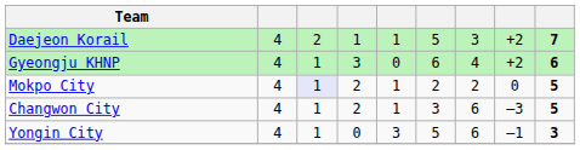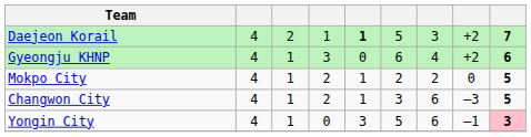 <table class="wikitable" style="text-align:center;">
 <tr>
 <th width=225>Team</th>
 <th width=30></th>
 <th width=30></th>
 <th width=30></th>
 <th width=30></th>
 <th width=30></th>
 <th width=30></th>
 <th width=30></th>
 <th width=30></th>
 </tr>
 <tr bgcolor=#bbf3bb>
 <td align=left><a href='#'>Daejeon Korail</a></td>
 <td>4</td>
 <td>2</td>
 <td>1</td>
-<td>1</td>
+<td><strong>1</strong></td>
 <td>5</td>
 <td>3</td>
 <td>+2</td>
 <td><strong>7</strong></td>
 </tr>
 <tr bgcolor=#bbf3bb>
 <td align=left><a href='#'>Gyeongju KHNP</a></td>
 <td>4</td>
 <td>1</td>
 <td>3</td>
 <td>0</td>
 <td>6</td>
 <td>4</td>
 <td>+2</td>
 <td><strong>6</strong></td>
 </tr>
 <tr>
 <td align=left><a href='#'>Mokpo City</a></td>
 <td>4</td>
-<td style="background: lavender;">1</td>
+<td>1</td>
 <td>2</td>
 <td>1</td>
 <td>2</td>
 <td>2</td>
 <td>0</td>
 <td><strong>5</strong></td>
 </tr>
 <tr>
 <td align=left><a href='#'>Changwon City</a></td>
 <td>4</td>
 <td>1</td>
 <td>2</td>
 <td>1</td>
 <td>3</td>
 <td>6</td>
 <td>–3</td>
 <td><strong>5</strong></td>
 </tr>
 <tr>
 <td align=left><a href='#'>Yongin City</a></td>
 <td>4</td>
 <td>1</td>
 <td>0</td>
 <td>3</td>
 <td>5</td>
 <td>6</td>
 <td>–1</td>
-<td><strong>3</strong></td>
+<td style="background: pink;"><strong>3</strong></td>
 </tr>
 <tr>
 </tr>
 </table>
